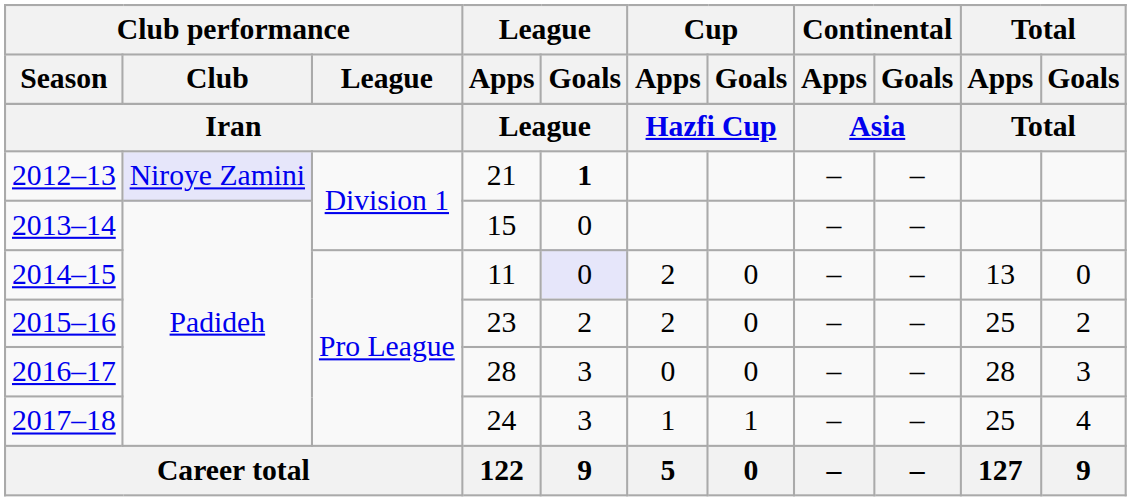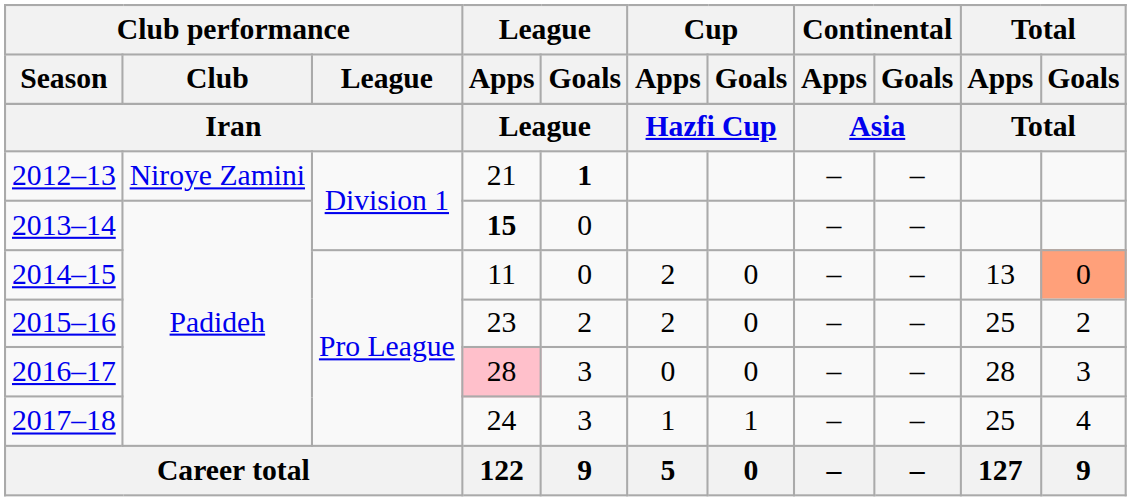 <table class="wikitable" style="font-size:90%; text-align:center;">
 <tr>
 <th colspan=3>Club performance</th>
 <th colspan=2>League</th>
 <th colspan=2>Cup</th>
 <th colspan=2>Continental</th>
 <th colspan=2>Total</th>
 </tr>
 <tr>
 <th>Season</th>
 <th>Club</th>
 <th>League</th>
 <th>Apps</th>
 <th>Goals</th>
 <th>Apps</th>
 <th>Goals</th>
 <th>Apps</th>
 <th>Goals</th>
 <th>Apps</th>
 <th>Goals</th>
 </tr>
 <tr>
 </tr>
 <tr>
 <th colspan=3>Iran</th>
 <th colspan=2>League</th>
 <th colspan=2><a href='#'>Hazfi Cup</a></th>
 <th colspan=2><a href='#'>Asia</a></th>
 <th colspan=2>Total</th>
 </tr>
 <tr>
 <td><a href='#'>2012–13</a></td>
-<td style="background: lavender;"><a href='#'>Niroye Zamini</a></td>
+<td><a href='#'>Niroye Zamini</a></td>
 <td rowspan="2"><a href='#'>Division 1</a></td>
 <td>21</td>
 <td><strong>1</strong></td>
 <td></td>
 <td></td>
 <td>–</td>
 <td>–</td>
 <td></td>
 <td></td>
 </tr>
 <tr>
 <td><a href='#'>2013–14</a></td>
 <td rowspan="5"><a href='#'>Padideh</a></td>
-<td>15</td>
+<td><strong>15</strong></td>
 <td>0</td>
 <td></td>
 <td></td>
 <td>–</td>
 <td>–</td>
 <td></td>
 <td></td>
 </tr>
 <tr>
 <td><a href='#'>2014–15</a></td>
 <td rowspan="4"><a href='#'>Pro League</a></td>
 <td>11</td>
-<td style="background: lavender;">0</td>
+<td>0</td>
 <td>2</td>
 <td>0</td>
 <td>–</td>
 <td>–</td>
 <td>13</td>
-<td>0</td>
+<td style="background: lightsalmon;">0</td>
 </tr>
 <tr>
 <td><a href='#'>2015–16</a></td>
 <td>23</td>
 <td>2</td>
 <td>2</td>
 <td>0</td>
 <td>–</td>
 <td>–</td>
 <td>25</td>
 <td>2</td>
 </tr>
 <tr>
 <td><a href='#'>2016–17</a></td>
-<td>28</td>
+<td style="background: pink;">28</td>
 <td>3</td>
 <td>0</td>
 <td>0</td>
 <td>–</td>
 <td>–</td>
 <td>28</td>
 <td>3</td>
 </tr>
 <tr>
 <td><a href='#'>2017–18</a></td>
 <td>24</td>
 <td>3</td>
 <td>1</td>
 <td>1</td>
 <td>–</td>
 <td>–</td>
 <td>25</td>
 <td>4</td>
 </tr>
 <tr>
 <th colspan=3>Career total</th>
 <th>122</th>
 <th>9</th>
 <th>5</th>
 <th>0</th>
 <th>–</th>
 <th>–</th>
 <th>127</th>
 <th>9</th>
 </tr>
 </table>
